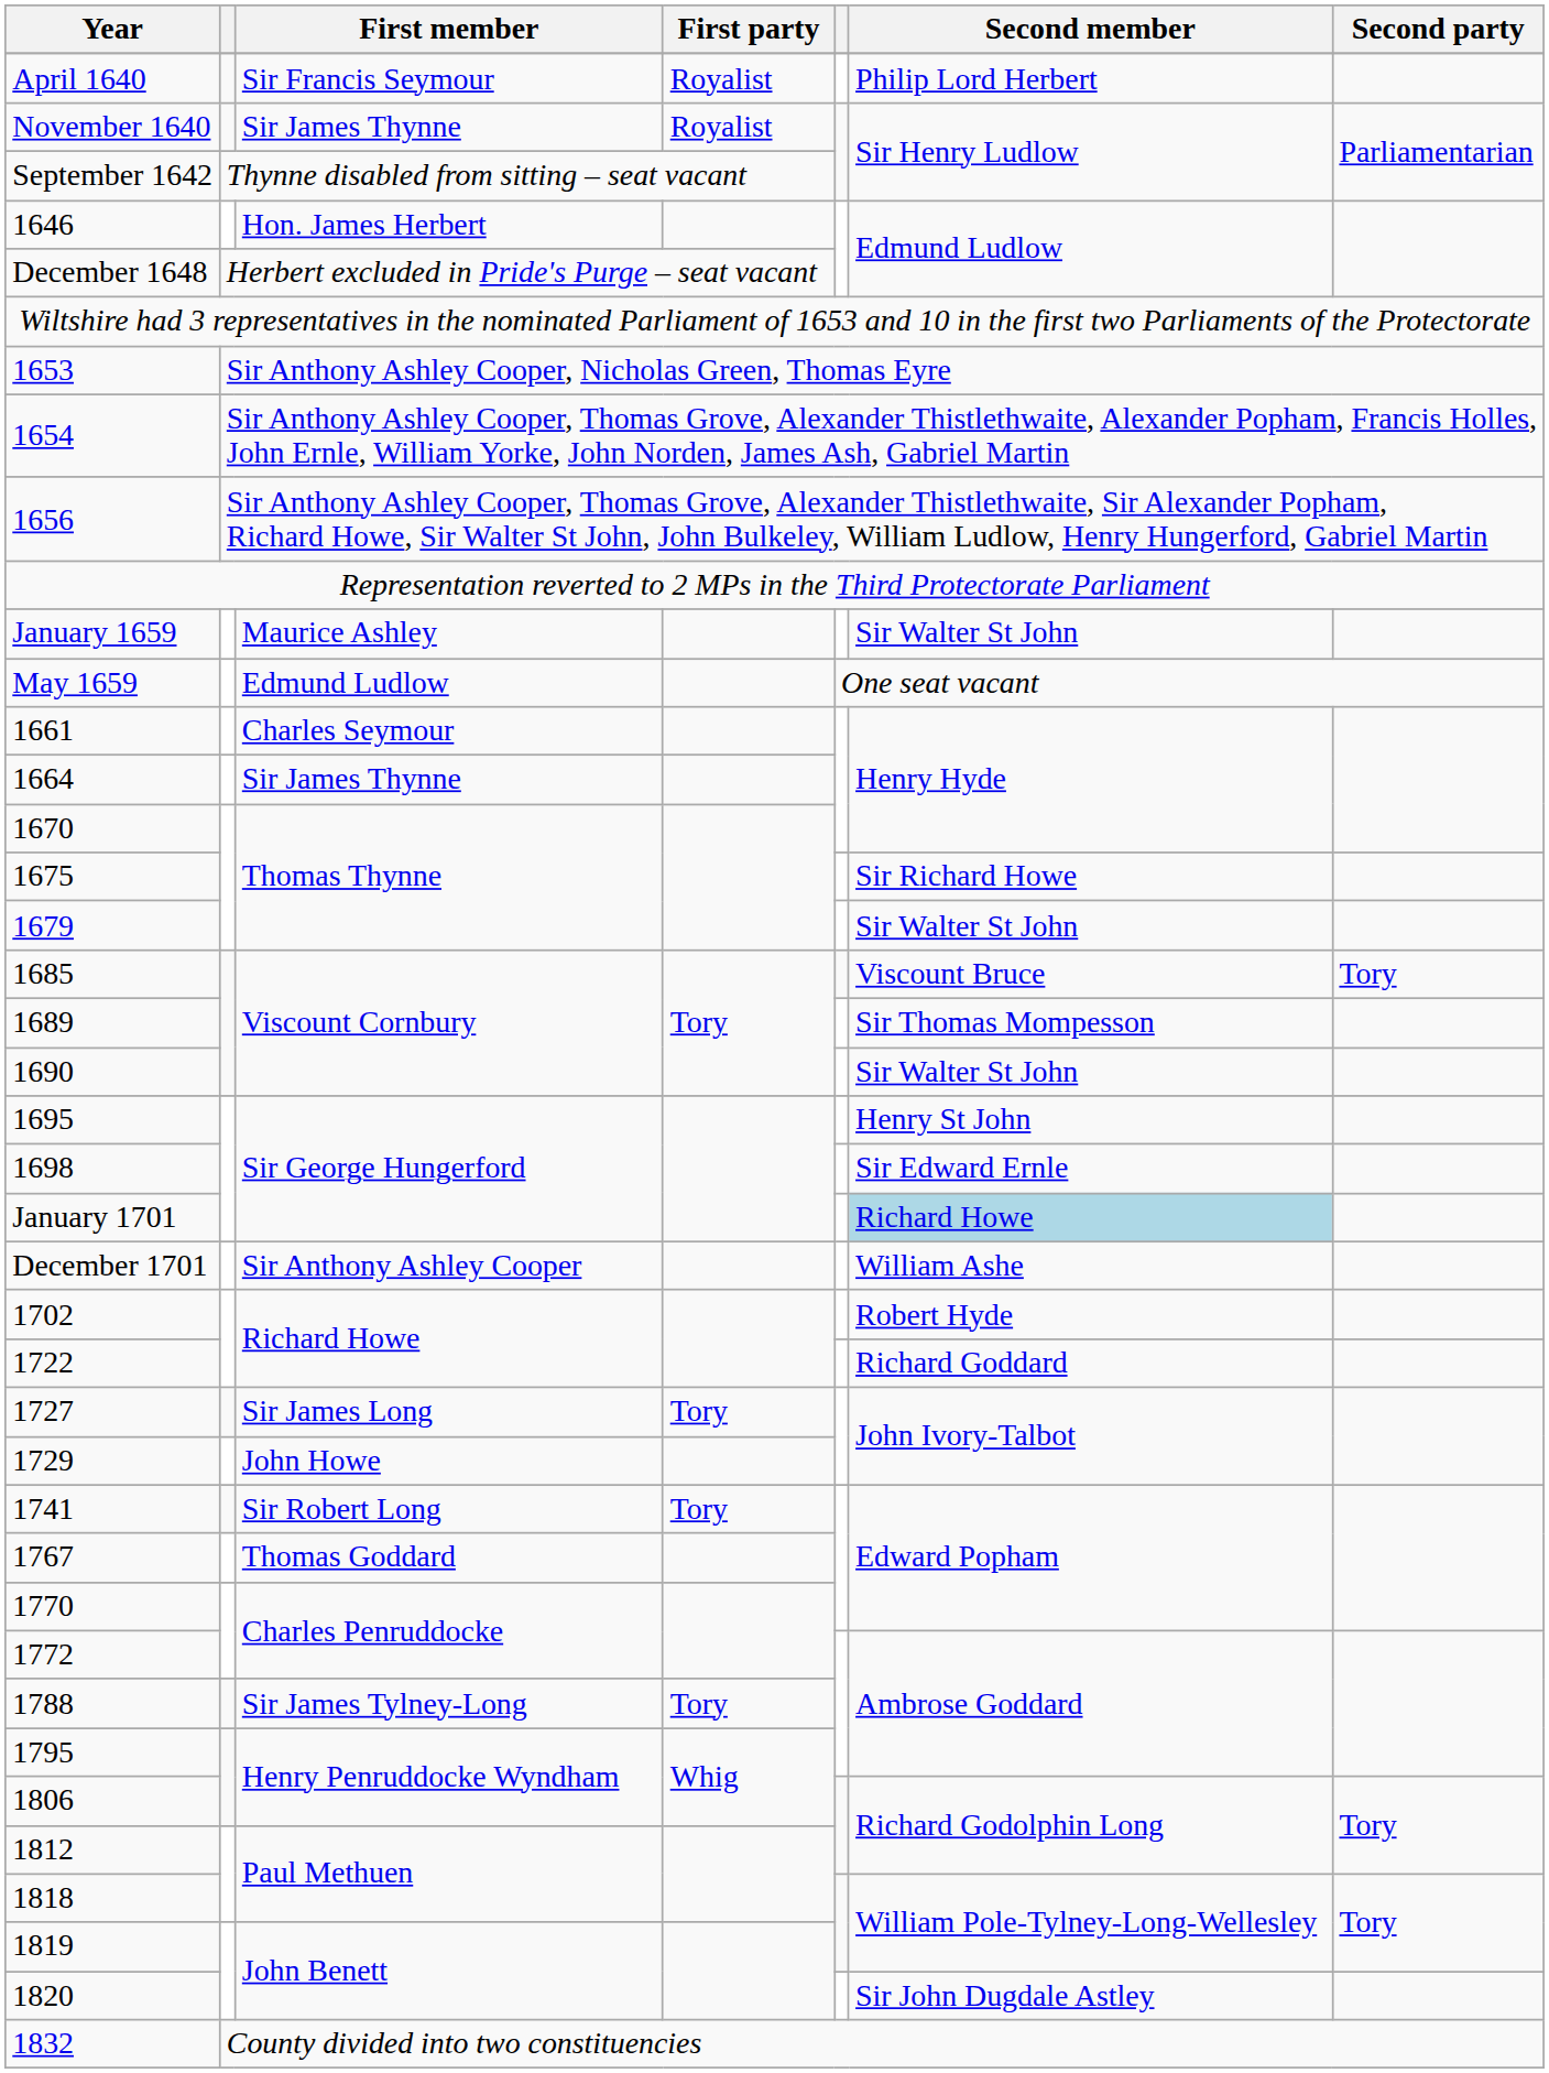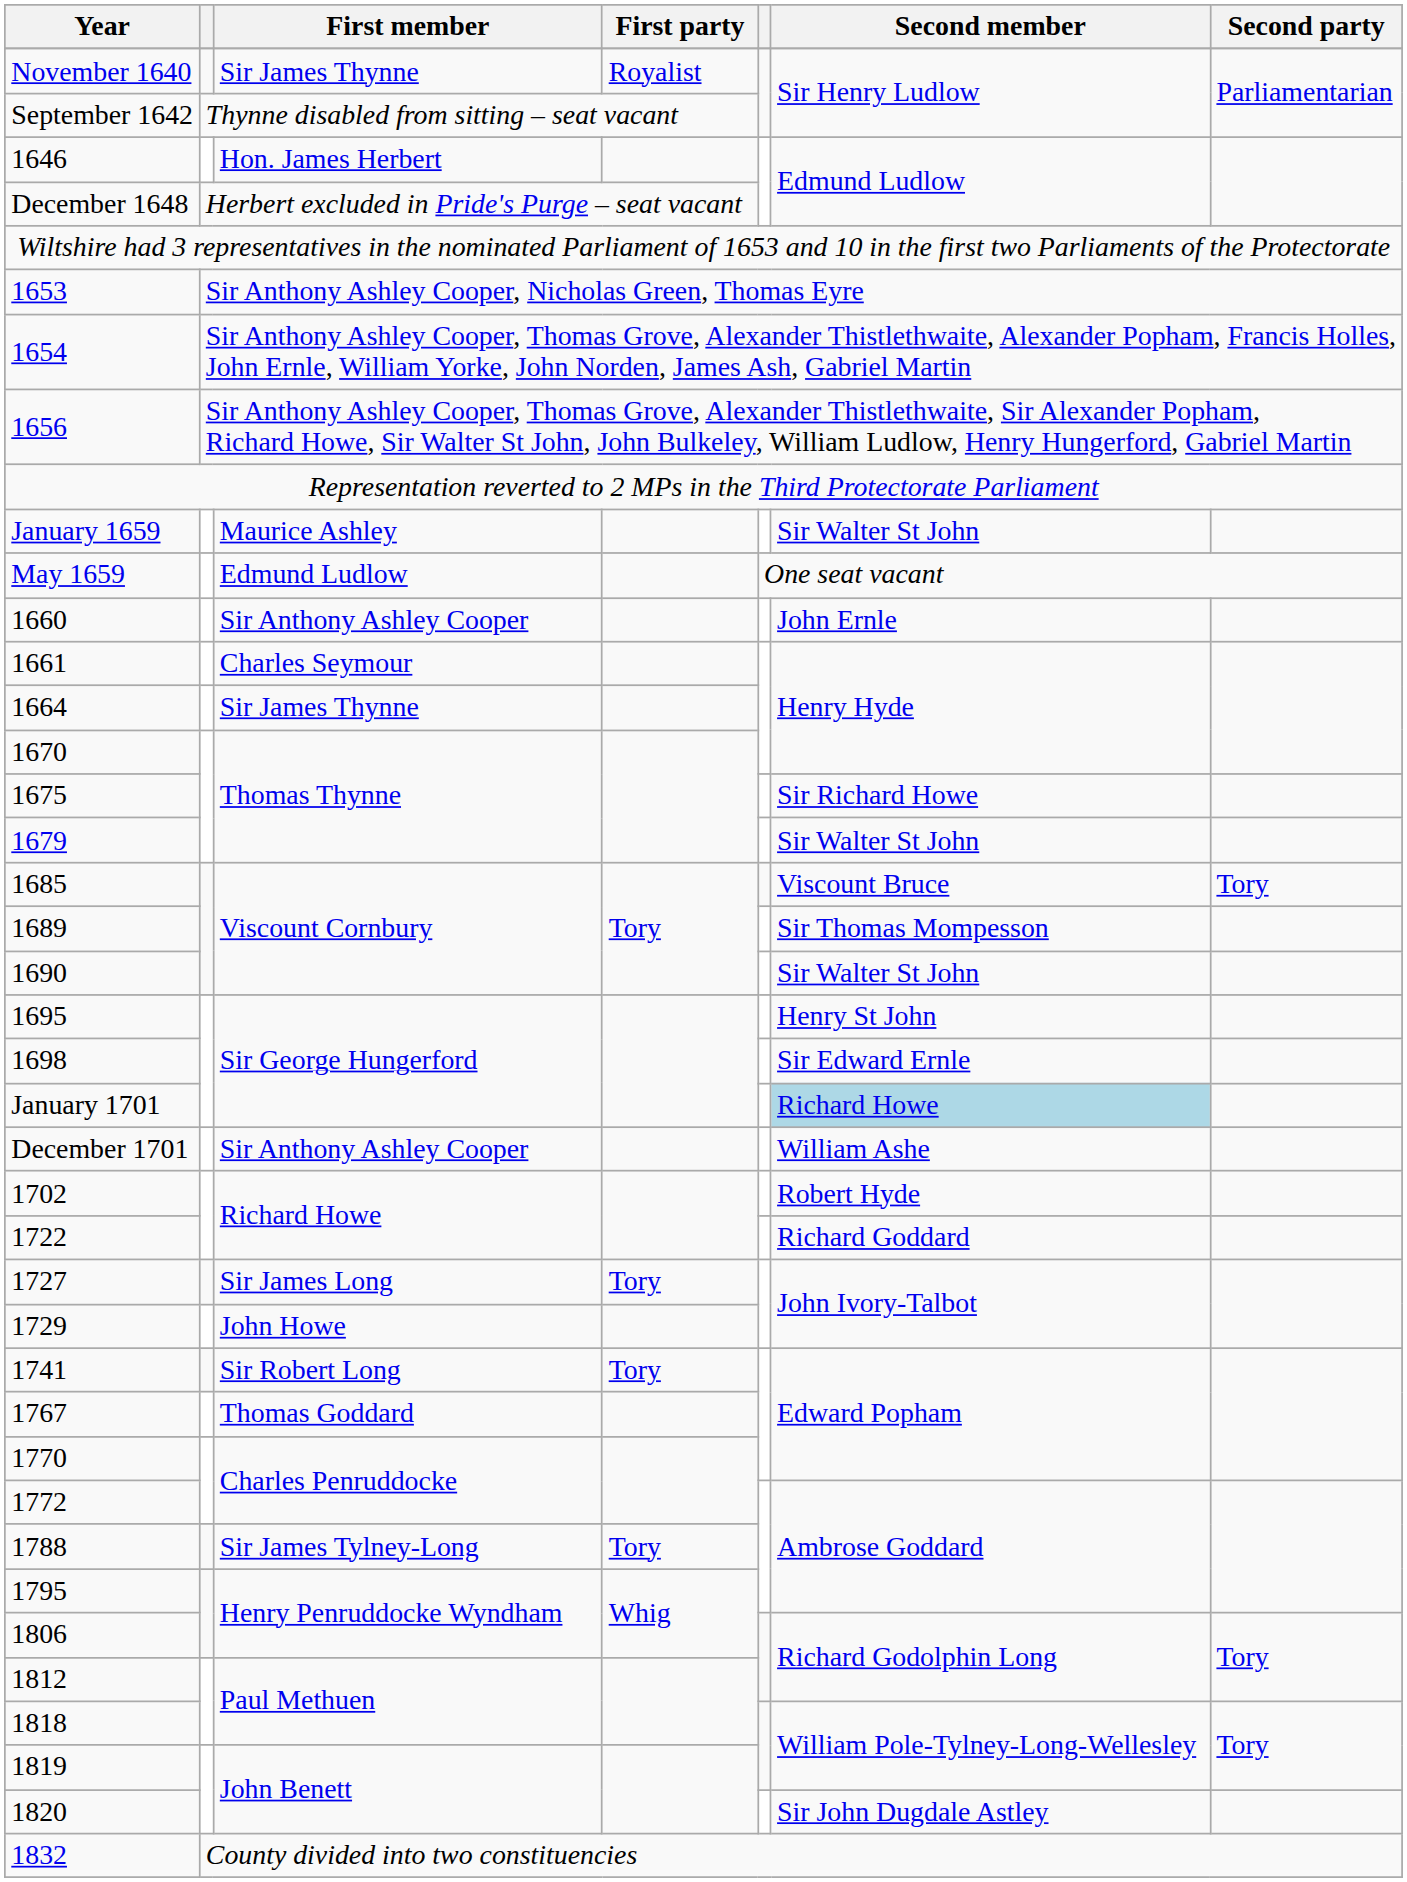 <table class="wikitable">
 <tr>
 <th>Year</th>
 <th></th>
 <th>First member</th>
 <th>First party</th>
 <th></th>
 <th>Second member</th>
 <th>Second party</th>
 </tr>
 <tr>
-</tr>
-<tr>
-<td><a href='#'>April 1640</a></td>
-<td style="color:inherit;background-color: "></td>
-<td><a href='#'>Sir Francis Seymour</a></td>
-<td><a href='#'>Royalist</a></td>
-<td style="color:inherit;background-color: white"></td>
-<td><a href='#'>Philip Lord Herbert</a></td>
-<td></td>
 </tr>
 <tr>
 <td><a href='#'>November 1640</a></td>
 <td style="color:inherit;background-color: "></td>
 <td><a href='#'>Sir James Thynne</a></td>
 <td><a href='#'>Royalist</a></td>
 <td rowspan="2" style="color:inherit;background-color: "></td>
 <td rowspan="2"><a href='#'>Sir Henry Ludlow</a></td>
 <td rowspan="2"><a href='#'>Parliamentarian</a></td>
 </tr>
 <tr>
 <td>September 1642</td>
 <td colspan="3"><em>Thynne disabled from sitting – seat vacant</em></td>
 </tr>
 <tr>
 <td>1646</td>
 <td style="color:inherit;background-color: white"></td>
 <td><a href='#'>Hon. James Herbert</a></td>
 <td></td>
 <td rowspan="2" style="color:inherit;background-color: white"></td>
 <td rowspan="2"><a href='#'>Edmund Ludlow</a></td>
 <td rowspan="2"></td>
 </tr>
 <tr>
 <td>December 1648</td>
 <td colspan="3"><em>Herbert excluded in <a href='#'>Pride's Purge</a> – seat vacant</em></td>
 </tr>
 <tr>
 <td colspan="7" align=center><em>Wiltshire had 3 representatives in the nominated Parliament of 1653 and 10 in the first two Parliaments of the Protectorate</em></td>
 </tr>
 <tr>
 <td><a href='#'>1653</a></td>
 <td colspan="6"><a href='#'>Sir Anthony Ashley Cooper</a>, <a href='#'>Nicholas Green</a>, <a href='#'>Thomas Eyre</a></td>
 </tr>
 <tr>
 <td><a href='#'>1654</a></td>
 <td colspan="6"><a href='#'>Sir Anthony Ashley Cooper</a>, <a href='#'>Thomas Grove</a>, <a href='#'>Alexander Thistlethwaite</a>, <a href='#'>Alexander Popham</a>, <a href='#'>Francis Holles</a>,<br> <a href='#'>John Ernle</a>, <a href='#'>William Yorke</a>, <a href='#'>John Norden</a>, <a href='#'>James Ash</a>, <a href='#'>Gabriel Martin</a></td>
 </tr>
 <tr>
 <td><a href='#'>1656</a></td>
 <td colspan="6"><a href='#'>Sir Anthony Ashley Cooper</a>, <a href='#'>Thomas Grove</a>, <a href='#'>Alexander Thistlethwaite</a>, <a href='#'>Sir Alexander Popham</a>,<br> <a href='#'>Richard Howe</a>, <a href='#'>Sir Walter St John</a>, <a href='#'>John Bulkeley</a>, William Ludlow, <a href='#'>Henry Hungerford</a>, <a href='#'>Gabriel Martin</a></td>
 </tr>
 <tr>
 <td colspan="7" align=center><em>Representation reverted to 2 MPs in the <a href='#'>Third Protectorate Parliament</a></em></td>
 </tr>
 <tr>
 <td><a href='#'>January 1659</a></td>
 <td style="color:inherit;background-color: white"></td>
 <td><a href='#'>Maurice Ashley</a></td>
 <td></td>
 <td style="color:inherit;background-color: white"></td>
 <td><a href='#'>Sir Walter St John</a></td>
 <td></td>
 </tr>
 <tr>
 <td><a href='#'>May 1659</a></td>
 <td style="color:inherit;background-color: white"></td>
 <td><a href='#'>Edmund Ludlow</a></td>
 <td></td>
 <td colspan="3"><em>One seat vacant</em></td>
+</tr>
+<tr>
+<td>1660</td>
+<td style="color:inherit;background-color: white"></td>
+<td><a href='#'>Sir Anthony Ashley Cooper</a></td>
+<td></td>
+<td style="color:inherit;background-color: white"></td>
+<td><a href='#'>John Ernle</a></td>
+<td></td>
 </tr>
 <tr>
 <td>1661</td>
 <td style="color:inherit;background-color: white"></td>
 <td><a href='#'>Charles Seymour</a></td>
 <td></td>
 <td rowspan="3" style="color:inherit;background-color: white"></td>
 <td rowspan="3"><a href='#'>Henry Hyde</a></td>
 <td rowspan="3"></td>
 </tr>
 <tr>
 <td>1664</td>
 <td style="color:inherit;background-color: white"></td>
 <td><a href='#'>Sir James Thynne</a></td>
 <td></td>
 </tr>
 <tr>
 <td>1670</td>
 <td rowspan="3" style="color:inherit;background-color: white"></td>
 <td rowspan="3"><a href='#'>Thomas Thynne</a></td>
 <td rowspan="3"></td>
 </tr>
 <tr>
 <td>1675</td>
 <td style="color:inherit;background-color: white"></td>
 <td><a href='#'>Sir Richard Howe</a></td>
 <td></td>
 </tr>
 <tr>
 <td><a href='#'>1679</a></td>
 <td style="color:inherit;background-color: white"></td>
 <td><a href='#'>Sir Walter St John</a></td>
 <td></td>
 </tr>
 <tr>
 <td>1685</td>
 <td rowspan="3" style="color:inherit;background-color: "></td>
 <td rowspan="3"><a href='#'>Viscount Cornbury</a></td>
 <td rowspan="3"><a href='#'>Tory</a></td>
 <td style="color:inherit;background-color: "></td>
 <td><a href='#'>Viscount Bruce</a></td>
 <td><a href='#'>Tory</a></td>
 </tr>
 <tr>
 <td>1689</td>
 <td style="color:inherit;background-color: white"></td>
 <td><a href='#'>Sir Thomas Mompesson</a></td>
 <td></td>
 </tr>
 <tr>
 <td>1690</td>
 <td style="color:inherit;background-color: white"></td>
 <td><a href='#'>Sir Walter St John</a></td>
 <td></td>
 </tr>
 <tr>
 <td>1695</td>
 <td rowspan="3" style="color:inherit;background-color: white"></td>
 <td rowspan="3"><a href='#'>Sir George Hungerford</a></td>
 <td rowspan="3"></td>
 <td style="color:inherit;background-color: white"></td>
 <td><a href='#'>Henry St John</a></td>
 <td></td>
 </tr>
 <tr>
 <td>1698</td>
 <td style="color:inherit;background-color: white"></td>
 <td><a href='#'>Sir Edward Ernle</a></td>
 <td></td>
 </tr>
 <tr>
 <td>January 1701</td>
 <td style="color:inherit;background-color: white"></td>
 <td style="background: lightblue;"><a href='#'>Richard Howe</a></td>
 <td></td>
 </tr>
 <tr>
 <td>December 1701</td>
 <td style="color:inherit;background-color: white"></td>
 <td><a href='#'>Sir Anthony Ashley Cooper</a></td>
 <td></td>
 <td style="color:inherit;background-color: white"></td>
 <td><a href='#'>William Ashe</a></td>
 <td></td>
 </tr>
 <tr>
 <td>1702</td>
 <td rowspan="2" style="color:inherit;background-color: white"></td>
 <td rowspan="2"><a href='#'>Richard Howe</a></td>
 <td rowspan="2"></td>
 <td style="color:inherit;background-color: white"></td>
 <td><a href='#'>Robert Hyde</a></td>
 <td></td>
 </tr>
 <tr>
 <td>1722</td>
 <td style="color:inherit;background-color: white"></td>
 <td><a href='#'>Richard Goddard</a></td>
 <td></td>
 </tr>
 <tr>
 <td>1727</td>
 <td style="color:inherit;background-color: "></td>
 <td><a href='#'>Sir James Long</a></td>
 <td><a href='#'>Tory</a></td>
 <td rowspan="2" style="color:inherit;background-color: white"></td>
 <td rowspan="2"><a href='#'>John Ivory-Talbot</a></td>
 <td rowspan="2"></td>
 </tr>
 <tr>
 <td>1729</td>
 <td style="color:inherit;background-color: white"></td>
 <td><a href='#'>John Howe</a></td>
 <td></td>
 </tr>
 <tr>
 <td>1741</td>
 <td style="color:inherit;background-color: "></td>
 <td><a href='#'>Sir Robert Long</a></td>
 <td><a href='#'>Tory</a></td>
 <td rowspan="3" style="color:inherit;background-color: white"></td>
 <td rowspan="3"><a href='#'>Edward Popham</a></td>
 <td rowspan="3"></td>
 </tr>
 <tr>
 <td>1767</td>
 <td style="color:inherit;background-color: white"></td>
 <td><a href='#'>Thomas Goddard</a></td>
 <td></td>
 </tr>
 <tr>
 <td>1770</td>
 <td rowspan="2" style="color:inherit;background-color: white"></td>
 <td rowspan="2"><a href='#'>Charles Penruddocke</a></td>
 <td rowspan="2"></td>
 </tr>
 <tr>
 <td>1772</td>
 <td rowspan="3" style="color:inherit;background-color: white"></td>
 <td rowspan="3"><a href='#'>Ambrose Goddard</a></td>
 <td rowspan="3"></td>
 </tr>
 <tr>
 <td>1788</td>
 <td style="color:inherit;background-color: "></td>
 <td><a href='#'>Sir James Tylney-Long</a></td>
 <td><a href='#'>Tory</a></td>
 </tr>
 <tr>
 <td>1795</td>
 <td rowspan="2" style="color:inherit;background-color: "></td>
 <td rowspan="2"><a href='#'>Henry Penruddocke Wyndham</a></td>
 <td rowspan="2"><a href='#'>Whig</a></td>
 </tr>
 <tr>
 <td>1806</td>
 <td rowspan="2" style="color:inherit;background-color: "></td>
 <td rowspan="2"><a href='#'>Richard Godolphin Long</a></td>
 <td rowspan="2"><a href='#'>Tory</a></td>
 </tr>
 <tr>
 <td>1812</td>
 <td rowspan="2" style="color:inherit;background-color: white"></td>
 <td rowspan="2"><a href='#'>Paul Methuen</a></td>
 <td rowspan="2"></td>
 </tr>
 <tr>
 <td>1818</td>
 <td rowspan="2" style="color:inherit;background-color: "></td>
 <td rowspan="2"><a href='#'>William Pole-Tylney-Long-Wellesley</a></td>
 <td rowspan="2"><a href='#'>Tory</a></td>
 </tr>
 <tr>
 <td>1819</td>
 <td rowspan="2" style="color:inherit;background-color: white"></td>
 <td rowspan="2"><a href='#'>John Benett</a></td>
 <td rowspan="2"></td>
 </tr>
 <tr>
 <td>1820</td>
 <td style="color:inherit;background-color: white"></td>
 <td><a href='#'>Sir John Dugdale Astley</a></td>
 <td></td>
 </tr>
 <tr>
 <td><a href='#'>1832</a></td>
 <td colspan="6"><em>County divided into two constituencies</em></td>
 </tr>
 </table>
